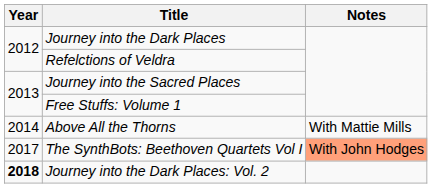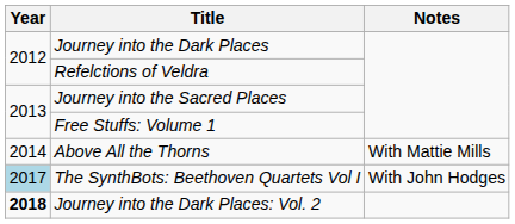 <table class="wikitable">
 <tr>
 <th>Year</th>
 <th>Title</th>
 <th>Notes</th>
 </tr>
 <tr>
 <td rowspan="2">2012</td>
 <td><em>Journey into the Dark Places</em></td>
 <td rowspan="4"></td>
 </tr>
 <tr>
 <td><em>Refelctions of Veldra</em></td>
 </tr>
 <tr>
 <td rowspan="2">2013</td>
 <td><em>Journey into the Sacred Places</em></td>
 </tr>
 <tr>
 <td><em>Free Stuffs: Volume 1</em></td>
 </tr>
 <tr>
 <td>2014</td>
 <td><em>Above All the Thorns</em></td>
 <td>With Mattie Mills</td>
 </tr>
 <tr>
-<td>2017</td>
+<td style="background: lightblue;">2017</td>
 <td><em>The SynthBots: Beethoven Quartets Vol I</em></td>
-<td style="background: lightsalmon;">With John Hodges</td>
+<td>With John Hodges</td>
 </tr>
 <tr>
 <td><strong>2018</strong></td>
 <td><em>Journey into the Dark Places: Vol. 2</em></td>
 <td></td>
 </tr>
 </table>
